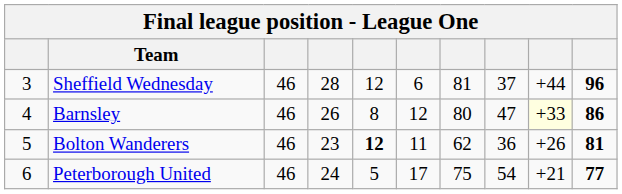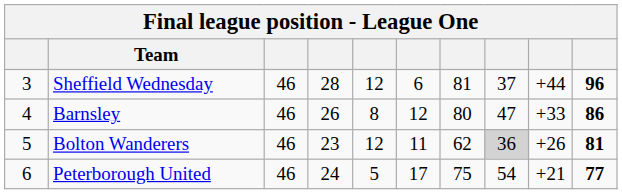 <table class="wikitable" style="text-align:center">
 <tr>
 <th colspan="10"><big>Final league position - League One</big></th>
 </tr>
 <tr>
 <th width="30"></th>
 <th width="175">Team</th>
 <th width="30"></th>
 <th width="30"></th>
 <th width="30"></th>
 <th width="30"></th>
 <th width="30"></th>
 <th width="30"></th>
 <th width="30"></th>
 <th width="30"></th>
 </tr>
 <tr>
 <td>3</td>
 <td align="left"><a href='#'>Sheffield Wednesday</a></td>
 <td>46</td>
 <td>28</td>
 <td>12</td>
 <td>6</td>
 <td>81</td>
 <td>37</td>
 <td>+44</td>
 <td><strong>96</strong></td>
 </tr>
 <tr>
 <td>4</td>
 <td align="left"><a href='#'>Barnsley</a></td>
 <td>46</td>
 <td>26</td>
 <td>8</td>
 <td>12</td>
 <td>80</td>
 <td>47</td>
-<td style="background: lightyellow;">+33</td>
+<td>+33</td>
 <td><strong>86</strong></td>
 </tr>
 <tr>
 <td>5</td>
 <td align="left"><a href='#'>Bolton Wanderers</a></td>
 <td>46</td>
 <td>23</td>
-<td><strong>12</strong></td>
+<td>12</td>
 <td>11</td>
 <td>62</td>
-<td>36</td>
+<td style="background: lightgrey;">36</td>
 <td>+26</td>
 <td><strong>81</strong></td>
 </tr>
 <tr>
 <td>6</td>
 <td align="left"><a href='#'>Peterborough United</a></td>
 <td>46</td>
 <td>24</td>
 <td>5</td>
 <td>17</td>
 <td>75</td>
 <td>54</td>
 <td>+21</td>
 <td><strong>77</strong></td>
 </tr>
 </table>
